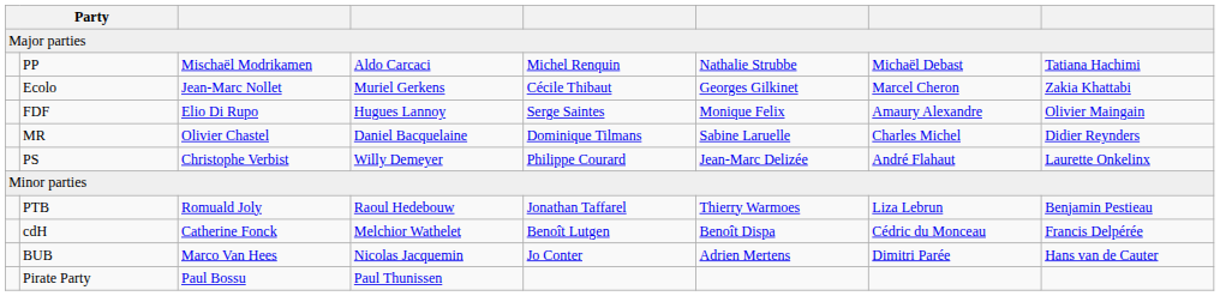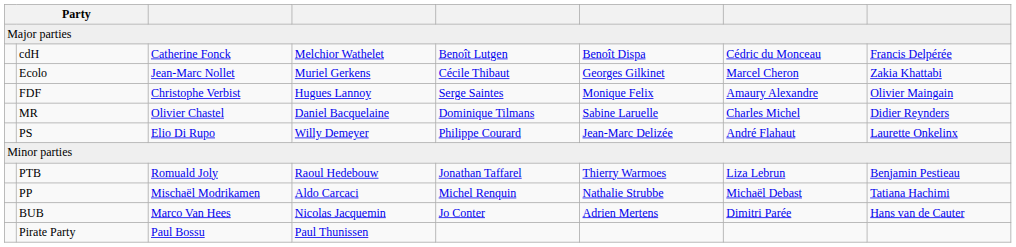 <table class="wikitable" style="font-size:95%;">
 <tr>
 <th colspan="2" style="width:175px;">Party</th>
 <th style="width:175px;"></th>
 <th style="width:175px;"></th>
 <th style="width:175px;"></th>
 <th style="width:175px;"></th>
 <th style="width:175px;"></th>
 <th style="width:175px;"></th>
 </tr>
 <tr bgcolor="efefef">
 <td align="left" colspan="8">Major parties</td>
 </tr>
 <tr>
 <td style="background-color: "></td>
-<td>PP</td>
-<td><a href='#'>Mischaël Modrikamen</a></td>
-<td><a href='#'>Aldo Carcaci</a></td>
-<td><a href='#'>Michel Renquin</a></td>
-<td><a href='#'>Nathalie Strubbe</a></td>
-<td><a href='#'>Michaël Debast</a></td>
-<td><a href='#'>Tatiana Hachimi</a></td>
+<td>cdH</td>
+<td><a href='#'>Catherine Fonck</a></td>
+<td><a href='#'>Melchior Wathelet</a></td>
+<td><a href='#'>Benoît Lutgen</a></td>
+<td><a href='#'>Benoît Dispa</a></td>
+<td><a href='#'>Cédric du Monceau</a></td>
+<td><a href='#'>Francis Delpérée</a></td>
 </tr>
 <tr>
 <td style="background-color: "></td>
 <td>Ecolo</td>
 <td><a href='#'>Jean-Marc Nollet</a></td>
 <td><a href='#'>Muriel Gerkens</a></td>
 <td><a href='#'>Cécile Thibaut</a></td>
 <td><a href='#'>Georges Gilkinet</a></td>
 <td><a href='#'>Marcel Cheron</a></td>
 <td><a href='#'>Zakia Khattabi</a></td>
 </tr>
 <tr>
 <td style="background-color: "></td>
 <td>FDF</td>
-<td><a href='#'>Elio Di Rupo</a></td>
+<td><a href='#'>Christophe Verbist</a></td>
 <td><a href='#'>Hugues Lannoy</a></td>
 <td><a href='#'>Serge Saintes</a></td>
 <td><a href='#'>Monique Felix</a></td>
 <td><a href='#'>Amaury Alexandre</a></td>
 <td><a href='#'>Olivier Maingain</a></td>
 </tr>
 <tr>
 <td style="background-color: "></td>
 <td>MR</td>
 <td><a href='#'>Olivier Chastel</a></td>
 <td><a href='#'>Daniel Bacquelaine</a></td>
 <td><a href='#'>Dominique Tilmans</a></td>
 <td><a href='#'>Sabine Laruelle</a></td>
 <td><a href='#'>Charles Michel</a></td>
 <td><a href='#'>Didier Reynders</a></td>
 </tr>
 <tr>
 <td style="background-color: "></td>
 <td>PS</td>
-<td><a href='#'>Christophe Verbist</a></td>
+<td><a href='#'>Elio Di Rupo</a></td>
 <td><a href='#'>Willy Demeyer</a></td>
 <td><a href='#'>Philippe Courard</a></td>
 <td><a href='#'>Jean-Marc Delizée</a></td>
 <td><a href='#'>André Flahaut</a></td>
 <td><a href='#'>Laurette Onkelinx</a></td>
 </tr>
 <tr bgcolor="efefef">
 <td align="left" colspan="8">Minor parties</td>
 </tr>
 <tr>
 <td style="background-color: "></td>
 <td>PTB</td>
 <td><a href='#'>Romuald Joly</a></td>
 <td><a href='#'>Raoul Hedebouw</a></td>
 <td><a href='#'>Jonathan Taffarel</a></td>
 <td><a href='#'>Thierry Warmoes</a></td>
 <td><a href='#'>Liza Lebrun</a></td>
 <td><a href='#'>Benjamin Pestieau</a></td>
 </tr>
 <tr>
 <td style="background-color: "></td>
-<td>cdH</td>
-<td><a href='#'>Catherine Fonck</a></td>
-<td><a href='#'>Melchior Wathelet</a></td>
-<td><a href='#'>Benoît Lutgen</a></td>
-<td><a href='#'>Benoît Dispa</a></td>
-<td><a href='#'>Cédric du Monceau</a></td>
-<td><a href='#'>Francis Delpérée</a></td>
+<td>PP</td>
+<td><a href='#'>Mischaël Modrikamen</a></td>
+<td><a href='#'>Aldo Carcaci</a></td>
+<td><a href='#'>Michel Renquin</a></td>
+<td><a href='#'>Nathalie Strubbe</a></td>
+<td><a href='#'>Michaël Debast</a></td>
+<td><a href='#'>Tatiana Hachimi</a></td>
 </tr>
 <tr>
 <td></td>
 <td>BUB</td>
 <td><a href='#'>Marco Van Hees</a></td>
 <td><a href='#'>Nicolas Jacquemin</a></td>
 <td><a href='#'>Jo Conter</a></td>
 <td><a href='#'>Adrien Mertens</a></td>
 <td><a href='#'>Dimitri Parée</a></td>
 <td><a href='#'>Hans van de Cauter</a></td>
 </tr>
 <tr>
 <td></td>
 <td>Pirate Party</td>
 <td><a href='#'>Paul Bossu</a></td>
 <td><a href='#'>Paul Thunissen</a></td>
 <td></td>
 <td></td>
 <td></td>
 <td></td>
 </tr>
 </table>
